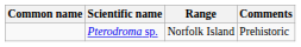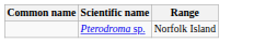 <table class="wikitable">
 <tr>
 <th>Common name</th>
 <th>Scientific name</th>
 <th>Range</th>
-<th class="unsortable">Comments</th>
 </tr>
 <tr>
 <td></td>
 <td><a href='#'><em>Pterodroma</em> sp.</a></td>
 <td>Norfolk Island</td>
-<td>Prehistoric</td>
 </tr>
 </table>
